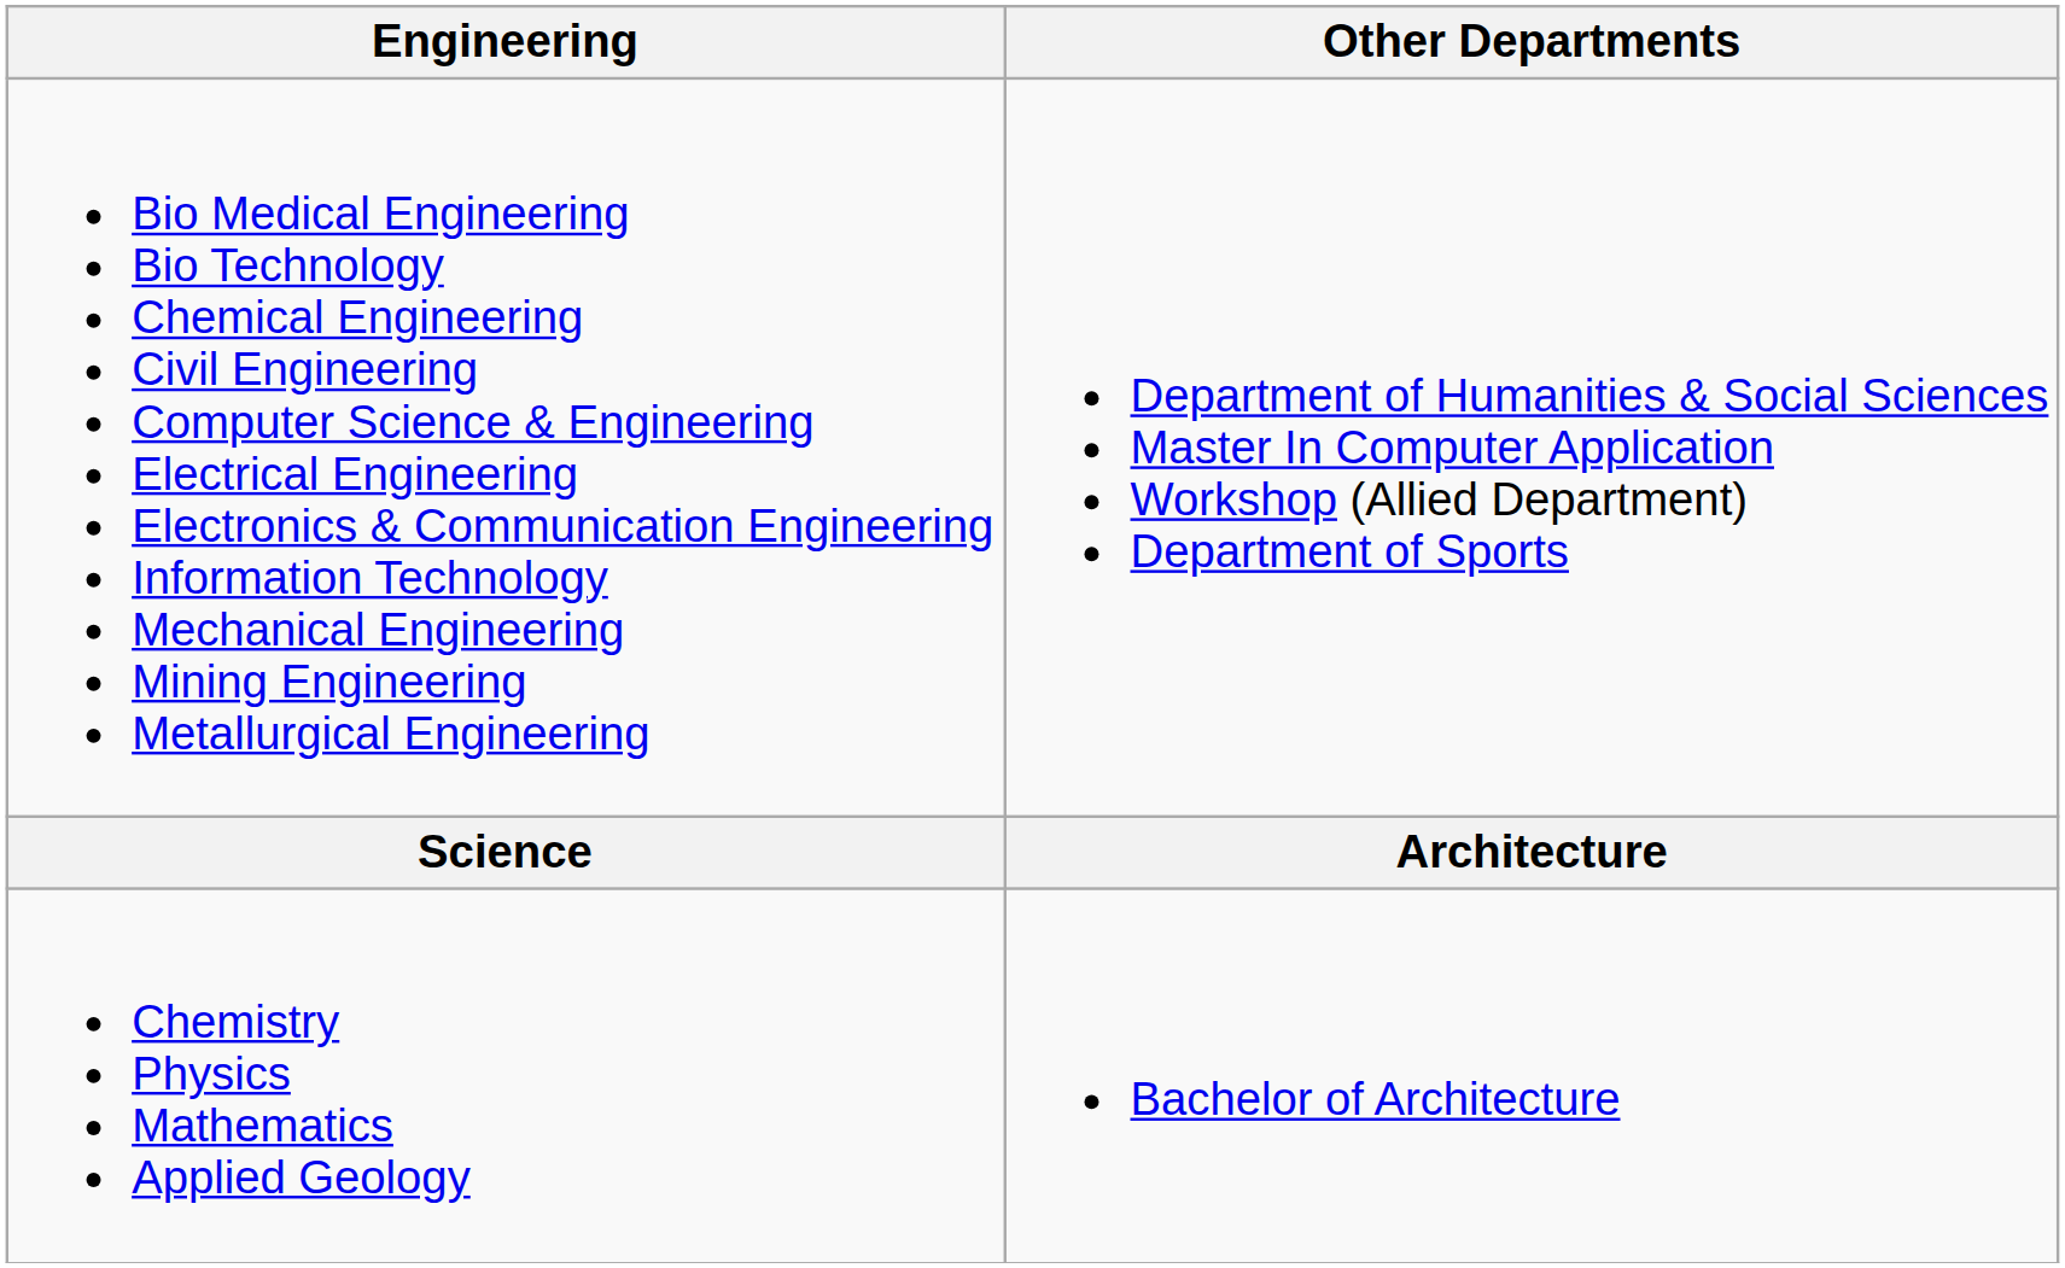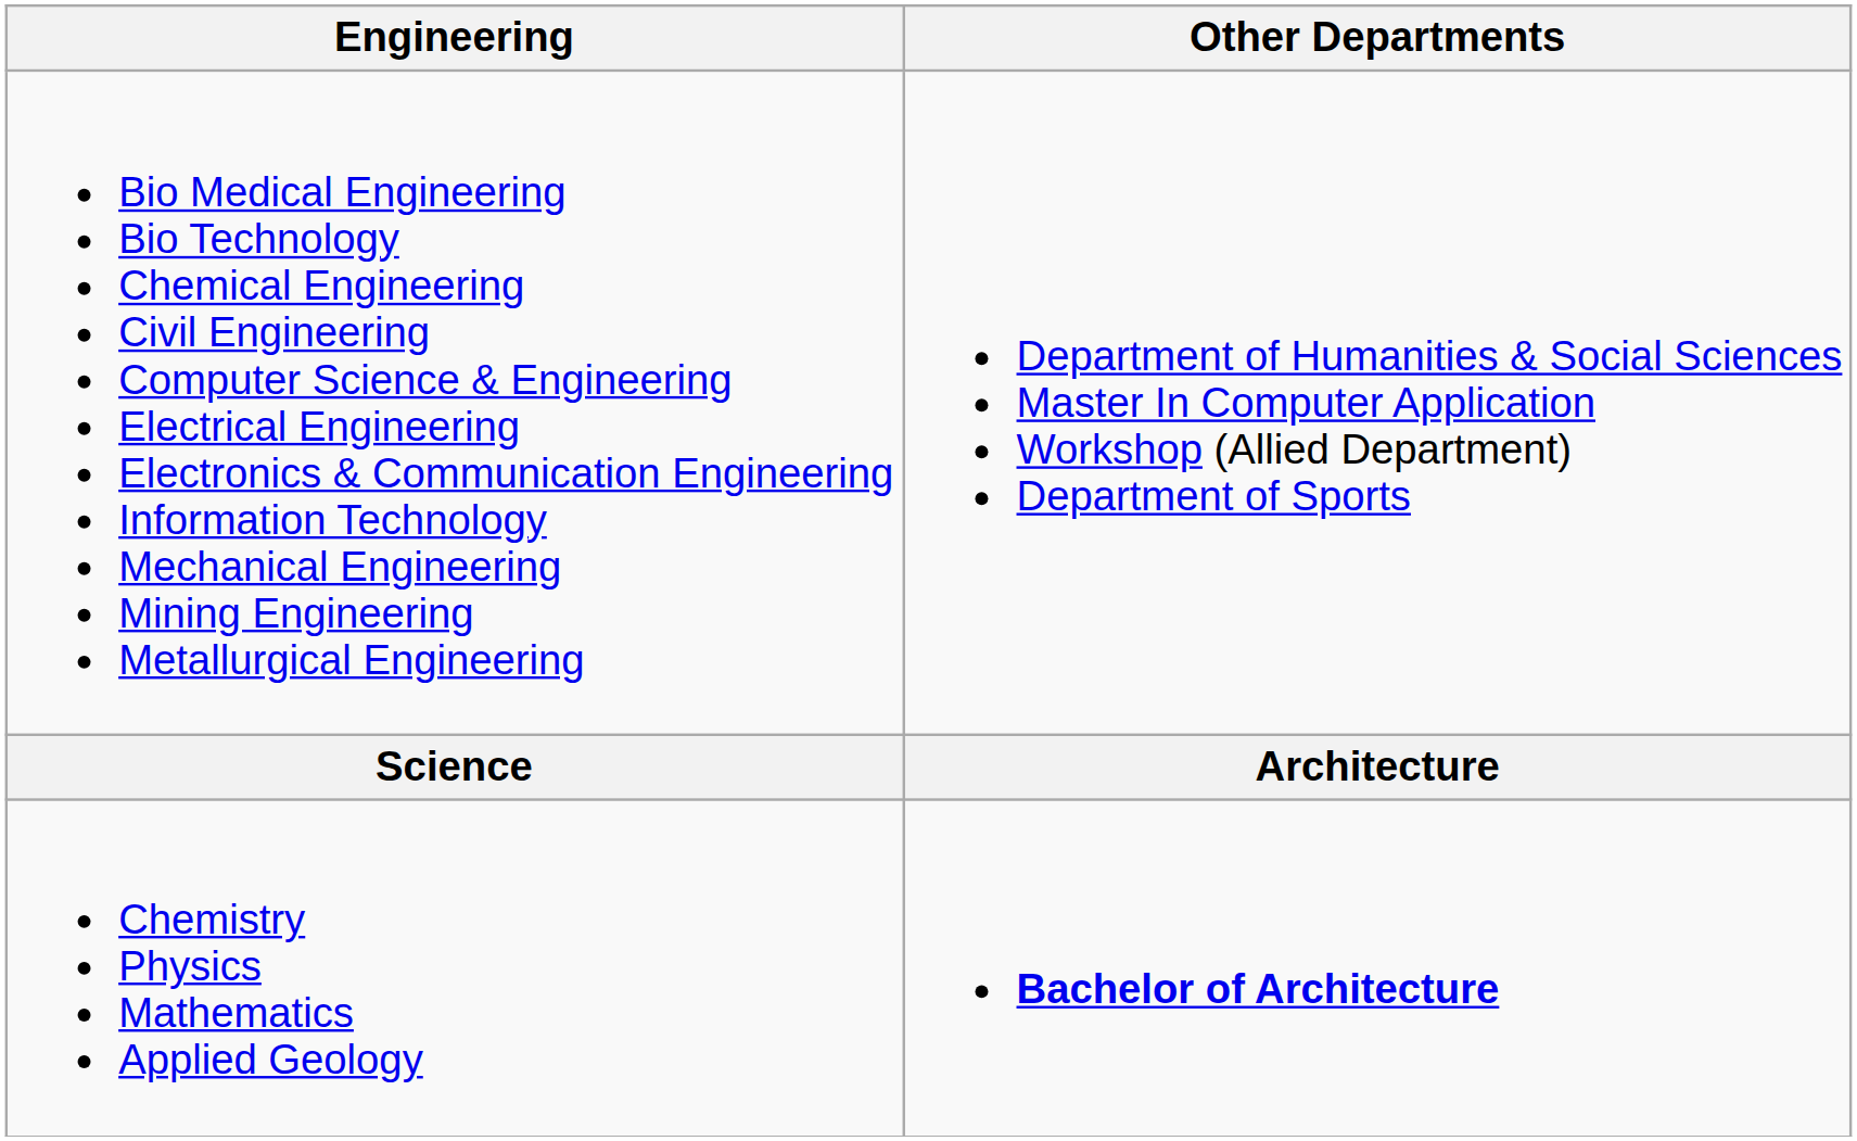 <table class="wikitable" style="width:auto; height:auto; margin:auto;">
 <tr>
 <th>Engineering</th>
 <th>Other Departments</th>
 </tr>
 <tr>
 <td><br><ul><li><a href='#'>Bio Medical Engineering</a></li><li><a href='#'>Bio Technology</a></li><li><a href='#'>Chemical Engineering</a></li><li><a href='#'>Civil Engineering</a></li><li><a href='#'>Computer Science & Engineering</a></li><li><a href='#'>Electrical Engineering</a></li><li><a href='#'>Electronics & Communication Engineering</a></li><li><a href='#'>Information Technology</a></li><li><a href='#'>Mechanical Engineering</a></li><li><a href='#'>Mining Engineering</a></li><li><a href='#'>Metallurgical Engineering</a></li></ul></td>
 <td><br><ul><li><a href='#'>Department of Humanities & Social Sciences</a></li><li><a href='#'>Master In Computer Application</a></li><li><a href='#'>Workshop</a> (Allied Department)</li><li><a href='#'>Department of Sports</a></li></ul></td>
 </tr>
 <tr>
 <th>Science</th>
 <th>Architecture</th>
 </tr>
 <tr>
 <td><br><ul><li><a href='#'>Chemistry</a></li><li><a href='#'>Physics</a></li><li><a href='#'>Mathematics</a></li><li><a href='#'>Applied Geology</a></li></ul></td>
-<td><br><ul><li><a href='#'>Bachelor of Architecture</a></li></ul></td>
+<td><strong><br><ul><li><a href='#'>Bachelor of Architecture</a></li></ul></strong></td>
 </tr>
 </table>
